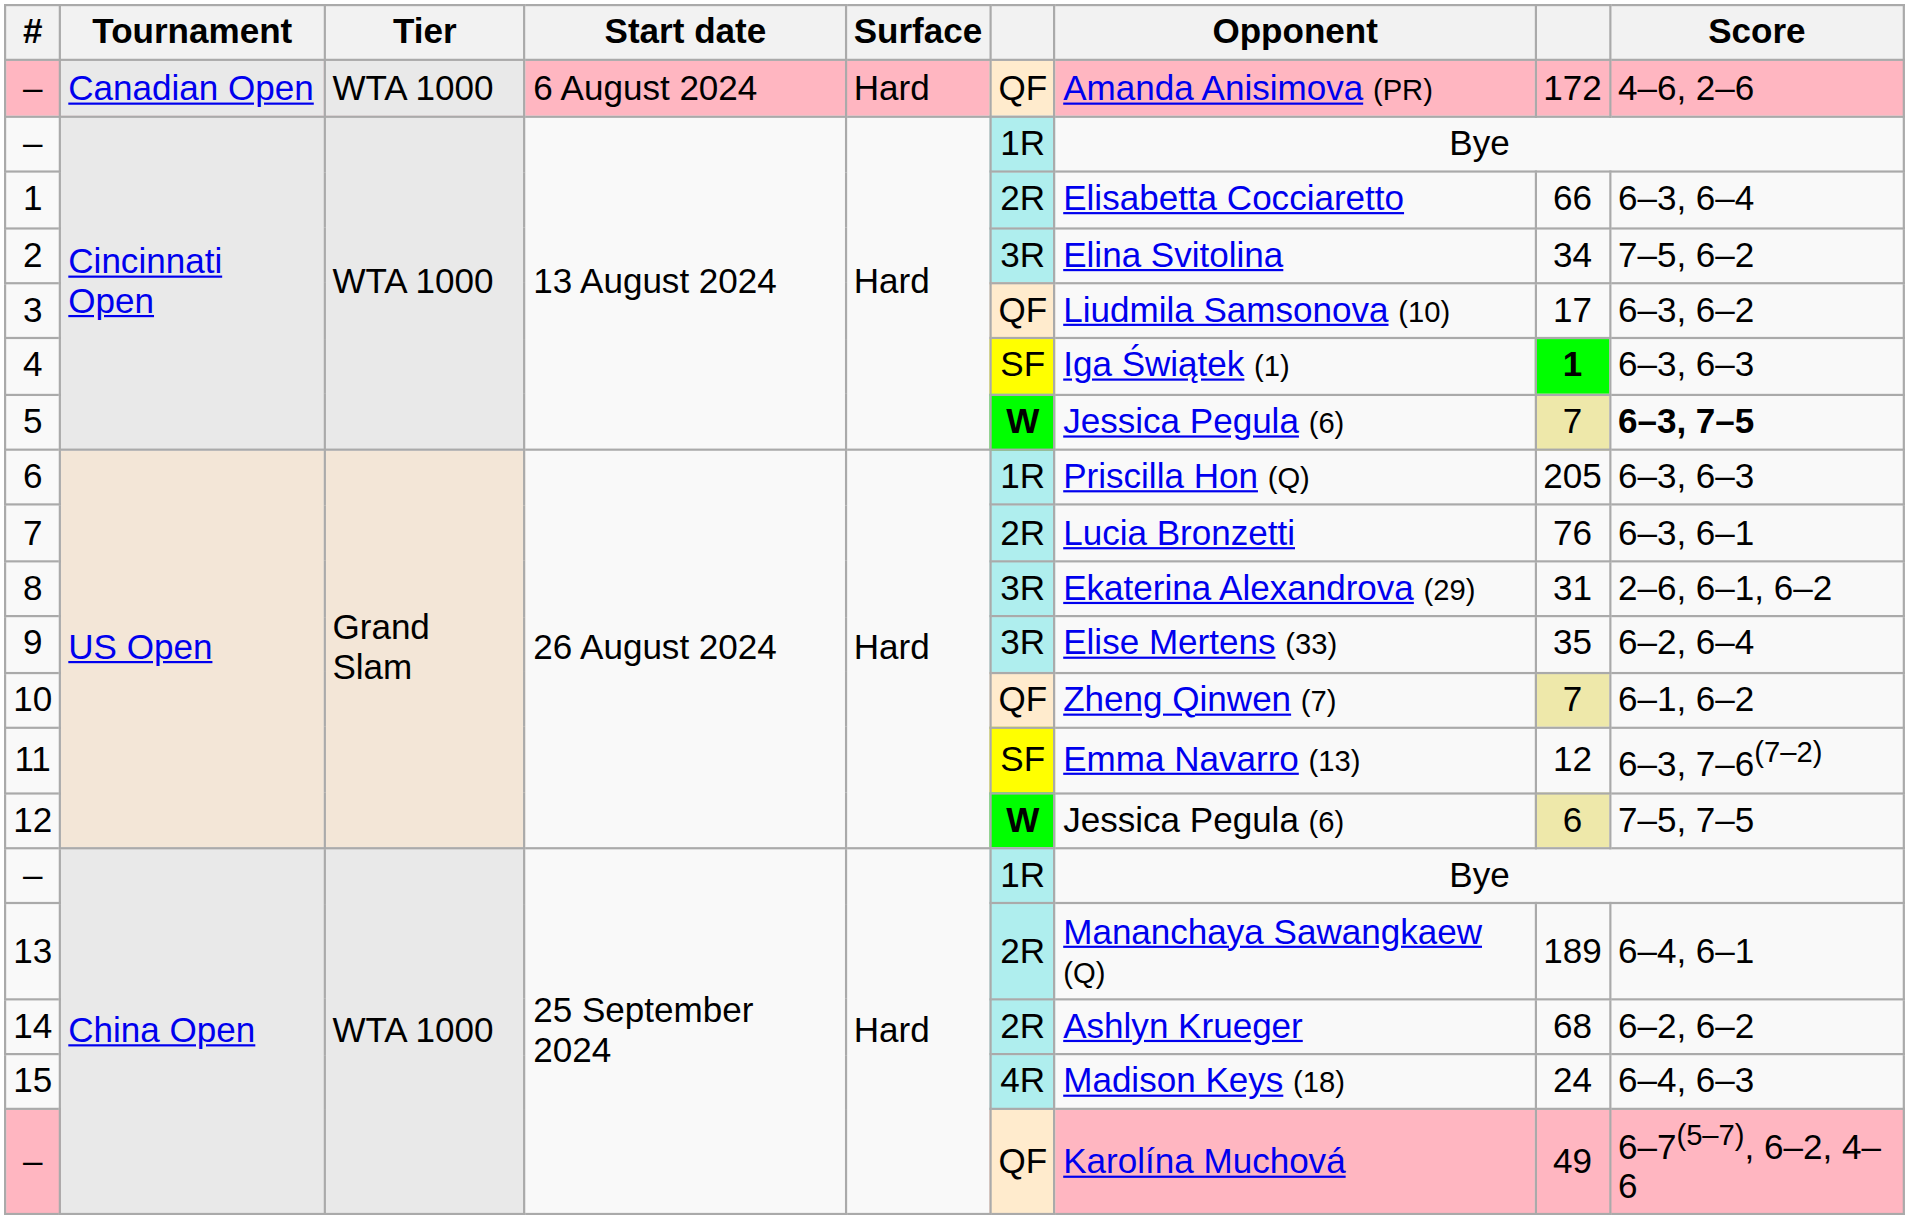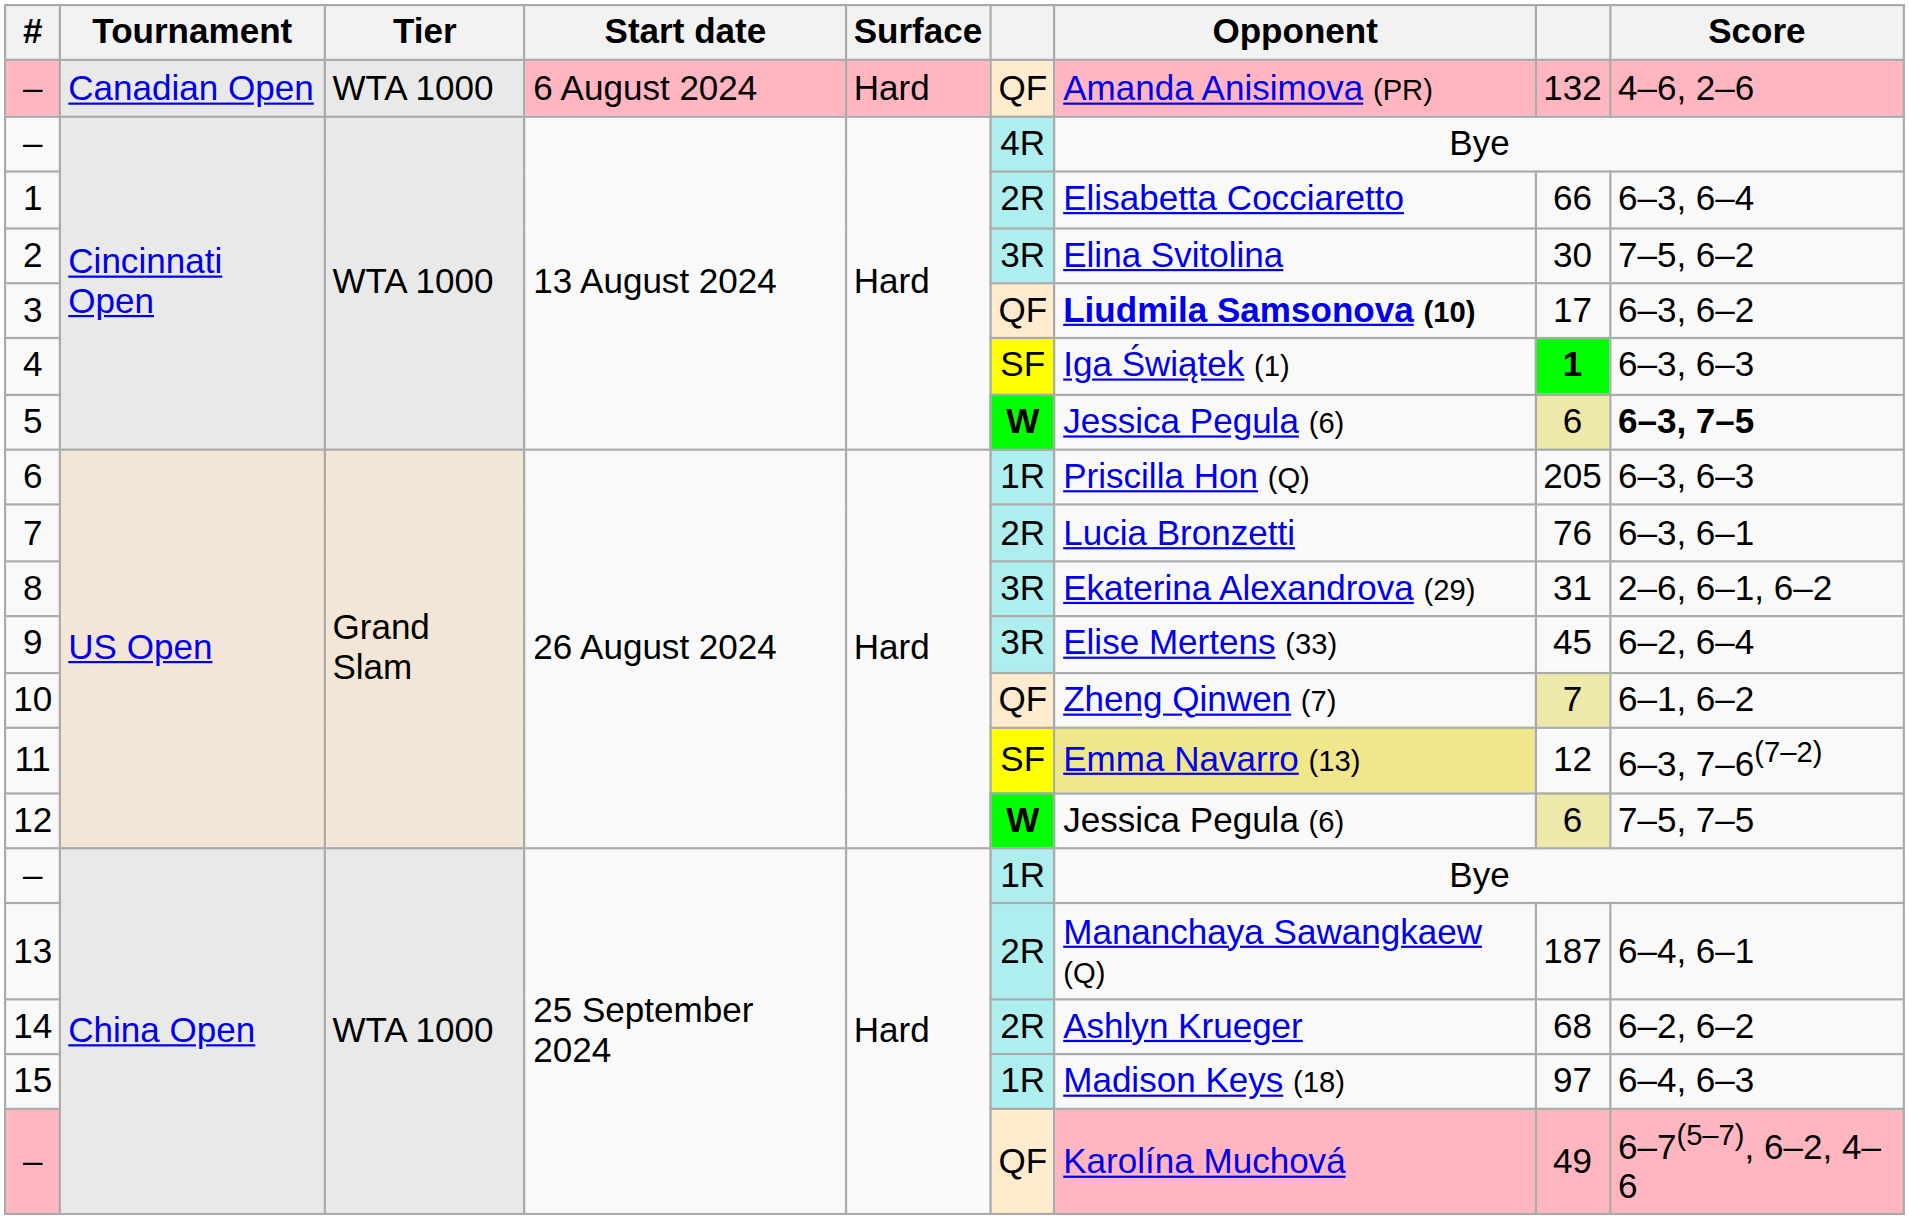 <table class="wikitable sortable">
 <tr>
 <th class=unsortable>#</th>
 <th scope="col">Tournament</th>
 <th scope="col">Tier</th>
 <th class=unsortable>Start date</th>
 <th scope="col">Surface</th>
 <th class=unsortable></th>
 <th scope="col">Opponent</th>
 <th></th>
 <th scope="col" class="unsortable">Score</th>
 </tr>
 <tr style="background:lightpink">
 <td style="text-align:center">–</td>
 <td style="background:#e9e9e9"><a href='#'>Canadian Open</a></td>
 <td style="background:#e9e9e9">WTA 1000</td>
 <td>6 August 2024</td>
 <td>Hard</td>
 <td style="text-align:center; background:#ffebcd">QF</td>
 <td> <a href='#'>Amanda Anisimova</a> <small>(PR)</small></td>
-<td style="text-align:center">172</td>
+<td style="text-align:center">132</td>
 <td>4–6, 2–6</td>
 </tr>
 <tr>
 <td style="text-align:center">–</td>
 <td style="background:#e9e9e9" rowspan="6"><a href='#'>Cincinnati Open</a></td>
 <td style="background:#e9e9e9" rowspan="6">WTA 1000</td>
 <td rowspan="6">13 August 2024</td>
 <td rowspan="6">Hard</td>
-<td style="text-align:center; background:#afeeee">1R</td>
+<td style="text-align:center; background:#afeeee">4R</td>
 <td colspan="3" style="text-align:center">Bye</td>
 </tr>
 <tr>
 <td style="text-align:center">1</td>
 <td style="text-align:center; background:#afeeee">2R</td>
 <td> <a href='#'>Elisabetta Cocciaretto</a></td>
 <td style="text-align:center">66</td>
 <td>6–3, 6–4</td>
 </tr>
 <tr>
 <td style="text-align:center">2</td>
 <td style="text-align:center; background:#afeeee">3R</td>
 <td> <a href='#'>Elina Svitolina</a></td>
-<td style="text-align:center">34</td>
+<td style="text-align:center">30</td>
 <td>7–5, 6–2</td>
 </tr>
 <tr>
 <td style="text-align:center">3</td>
 <td style="text-align:center; background:#ffebcd">QF</td>
-<td> <a href='#'>Liudmila Samsonova</a> <small>(10)</small></td>
+<td><strong> <a href='#'>Liudmila Samsonova</a> <small>(10)</small></strong></td>
 <td style="text-align:center">17</td>
 <td>6–3, 6–2</td>
 </tr>
 <tr>
 <td style="text-align:center">4</td>
 <td style="text-align:center; background:yellow">SF</td>
 <td> <a href='#'>Iga Świątek</a> <small>(1)</small></td>
 <td style="text-align:center; background:lime"><strong>1</strong></td>
 <td>6–3, 6–3</td>
 </tr>
 <tr>
 <td style="text-align:center">5</td>
 <td style="text-align:center; background:lime"><strong>W</strong></td>
 <td> <a href='#'>Jessica Pegula</a> <small>(6)</small></td>
-<td style="text-align:center; background:#eee8aa">7</td>
+<td style="text-align:center; background:#eee8aa">6</td>
 <td><strong>6–3, 7–5</strong></td>
 </tr>
 <tr>
 <td style="text-align:center">6</td>
 <td rowspan="7" style="background:#f3e6d7"><a href='#'>US Open</a></td>
 <td rowspan="7" style="background:#f3e6d7">Grand Slam</td>
 <td rowspan="7">26 August 2024</td>
 <td rowspan="7">Hard</td>
 <td style="text-align:center; background:#afeeee">1R</td>
 <td> <a href='#'>Priscilla Hon</a> <small>(Q)</small></td>
 <td style="text-align:center">205</td>
 <td>6–3, 6–3</td>
 </tr>
 <tr>
 <td style="text-align:center">7</td>
 <td style="text-align:center; background:#afeeee">2R</td>
 <td> <a href='#'>Lucia Bronzetti</a></td>
 <td style="text-align:center">76</td>
 <td>6–3, 6–1</td>
 </tr>
 <tr>
 <td style="text-align:center">8</td>
 <td style="text-align:center; background:#afeeee">3R</td>
 <td> <a href='#'>Ekaterina Alexandrova</a> <small>(29)</small></td>
 <td style="text-align:center">31</td>
 <td>2–6, 6–1, 6–2</td>
 </tr>
 <tr>
 <td style="text-align:center">9</td>
 <td style="text-align:center; background:#afeeee">3R</td>
 <td> <a href='#'>Elise Mertens</a> <small>(33)</small></td>
-<td style="text-align:center">35</td>
+<td style="text-align:center">45</td>
 <td>6–2, 6–4</td>
 </tr>
 <tr>
 <td style="text-align:center">10</td>
 <td style="text-align:center; background:#ffebcd">QF</td>
 <td> <a href='#'>Zheng Qinwen</a> <small>(7)</small></td>
 <td style="text-align:center; background:#eee8aa">7</td>
 <td>6–1, 6–2</td>
 </tr>
 <tr>
 <td style="text-align:center">11</td>
 <td style="text-align:center; background:yellow">SF</td>
-<td> <a href='#'>Emma Navarro</a> <small>(13)</small></td>
+<td style="background: khaki;"> <a href='#'>Emma Navarro</a> <small>(13)</small></td>
 <td style="text-align:center">12</td>
 <td>6–3, 7–6<sup>(7–2)</sup></td>
 </tr>
 <tr>
 <td style="text-align:center">12</td>
 <td style="text-align:center; background:lime"><strong>W</strong></td>
 <td> Jessica Pegula <small>(6)</small></td>
 <td style="text-align:center; background:#eee8aa">6</td>
 <td>7–5, 7–5</td>
 </tr>
 <tr>
 <td style="text-align:center">–</td>
 <td style="background:#e9e9e9" rowspan="5"><a href='#'>China Open</a></td>
 <td style="background:#e9e9e9" rowspan="5">WTA 1000</td>
 <td rowspan="5">25 September 2024</td>
 <td rowspan="5">Hard</td>
 <td style="text-align:center; background:#afeeee">1R</td>
 <td colspan="3" style="text-align:center">Bye</td>
 </tr>
 <tr>
 <td style="text-align:center">13</td>
 <td style="text-align:center; background:#afeeee">2R</td>
 <td> <a href='#'>Mananchaya Sawangkaew</a> <small>(Q)</small></td>
-<td style="text-align:center">189</td>
+<td style="text-align:center">187</td>
 <td>6–4, 6–1</td>
 </tr>
 <tr>
 <td style="text-align:center">14</td>
 <td style="text-align:center; background:#afeeee">2R</td>
 <td> <a href='#'>Ashlyn Krueger</a></td>
 <td style="text-align:center">68</td>
 <td>6–2, 6–2</td>
 </tr>
 <tr>
 <td style="text-align:center">15</td>
-<td style="text-align:center; background:#afeeee">4R</td>
+<td style="text-align:center; background:#afeeee">1R</td>
 <td> <a href='#'>Madison Keys</a> <small>(18)</small></td>
-<td style="text-align:center">24</td>
+<td style="text-align:center">97</td>
 <td>6–4, 6–3</td>
 </tr>
 <tr style="background:lightpink">
 <td style="text-align:center">–</td>
 <td style="text-align:center; background:#ffebcd">QF</td>
 <td> <a href='#'>Karolína Muchová</a></td>
 <td style="text-align:center;">49</td>
 <td>6–7<sup>(5–7)</sup>, 6–2, 4–6</td>
 </tr>
 </table>
